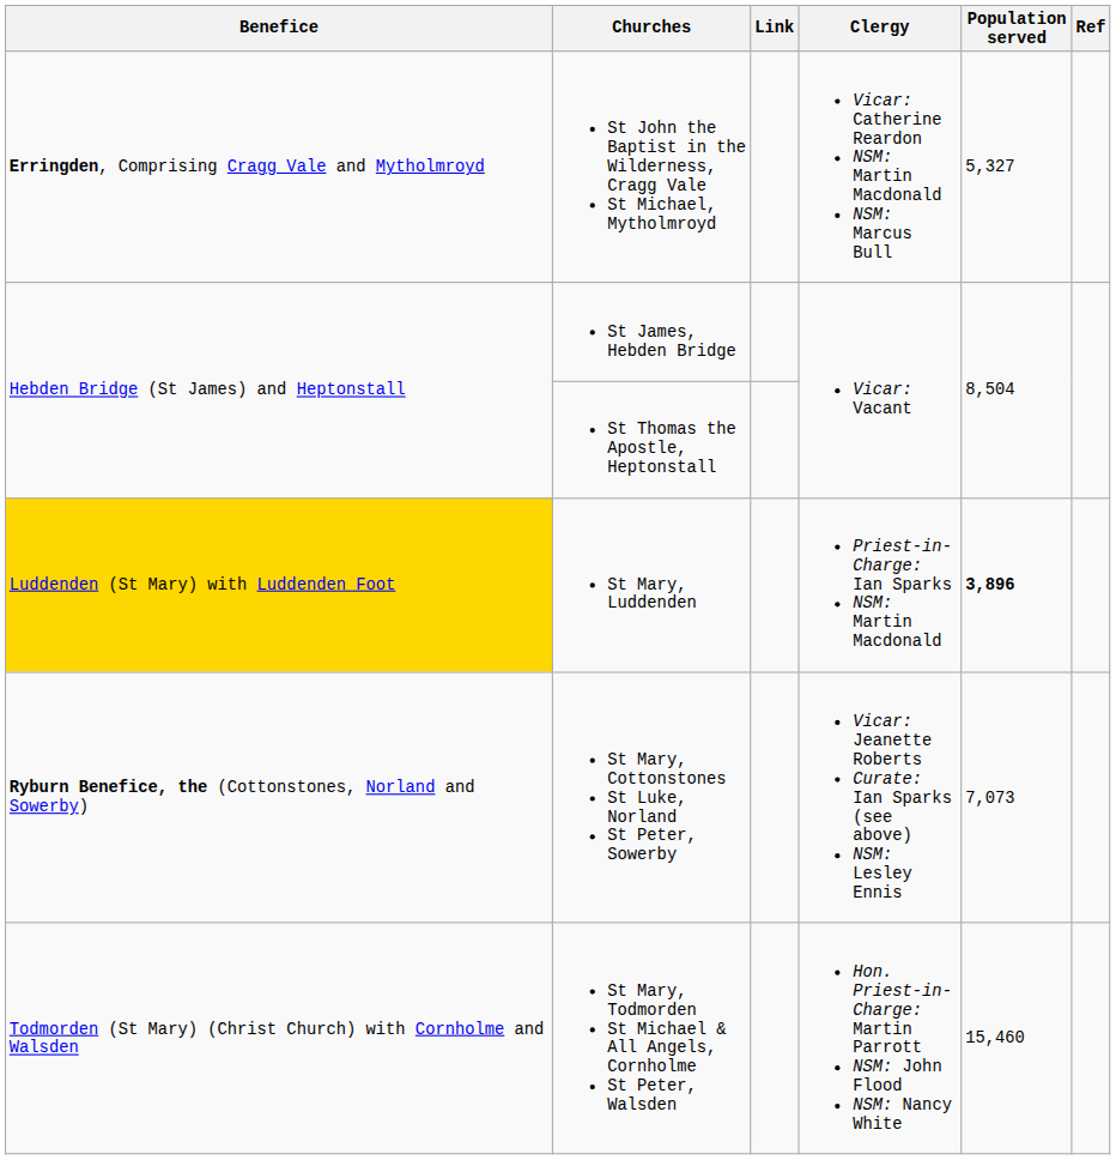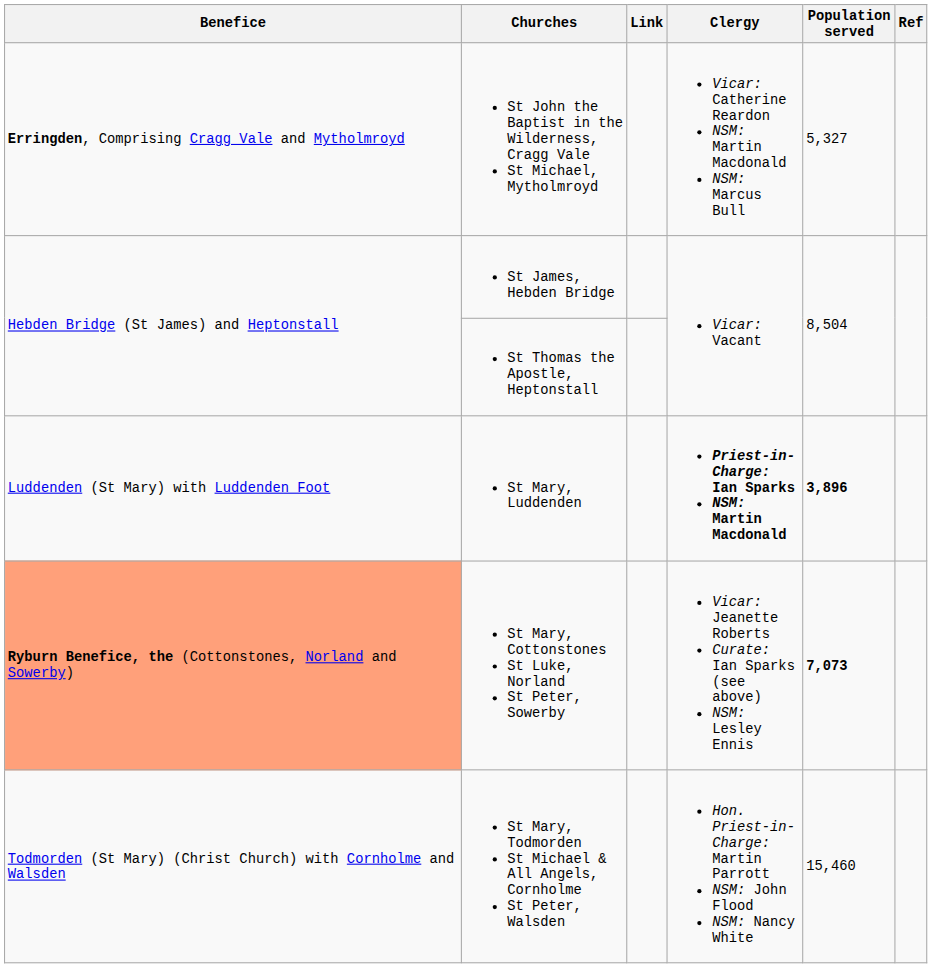 <table class="wikitable">
 <tr>
 <th style="width:425px;">Benefice</th>
 <th>Churches</th>
 <th>Link</th>
 <th>Clergy</th>
 <th>Population served</th>
 <th>Ref</th>
 </tr>
 <tr>
 <td><strong>Erringden</strong>, Comprising <a href='#'>Cragg Vale</a> and <a href='#'>Mytholmroyd</a></td>
 <td><br><ul><li>St John the Baptist in the Wilderness, Cragg Vale</li><li>St Michael, Mytholmroyd</li></ul></td>
 <td></td>
 <td><br><ul><li><em>Vicar:</em> Catherine Reardon</li><li><em>NSM:</em> Martin Macdonald</li><li><em>NSM:</em> Marcus Bull</li></ul></td>
 <td>5,327</td>
 <td></td>
 </tr>
 <tr>
 <td rowspan="2"><a href='#'>Hebden Bridge</a> (St James) and <a href='#'>Heptonstall</a></td>
 <td><br><ul><li>St James, Hebden Bridge</li></ul></td>
 <td></td>
 <td rowspan="2"><br><ul><li><em>Vicar:</em> Vacant</li></ul></td>
 <td rowspan="2">8,504</td>
 <td rowspan="2"></td>
 </tr>
 <tr>
 <td><br><ul><li>St Thomas the Apostle, Heptonstall</li></ul></td>
 <td></td>
 </tr>
 <tr>
-<td style="background: gold;"><a href='#'>Luddenden</a> (St Mary) with <a href='#'>Luddenden Foot</a></td>
+<td><a href='#'>Luddenden</a> (St Mary) with <a href='#'>Luddenden Foot</a></td>
 <td><br><ul><li>St Mary, Luddenden</li></ul></td>
 <td></td>
-<td><br><ul><li><em>Priest-in-Charge:</em> Ian Sparks</li><li><em>NSM:</em> Martin Macdonald</li></ul></td>
+<td><strong><br><ul><li><em>Priest-in-Charge:</em> Ian Sparks</li><li><em>NSM:</em> Martin Macdonald</li></ul></strong></td>
 <td><strong>3,896</strong></td>
 <td></td>
 </tr>
 <tr>
-<td><strong>Ryburn Benefice, the</strong> (Cottonstones, <a href='#'>Norland</a> and <a href='#'>Sowerby</a>)</td>
+<td style="background: lightsalmon;"><strong>Ryburn Benefice, the</strong> (Cottonstones, <a href='#'>Norland</a> and <a href='#'>Sowerby</a>)</td>
 <td><br><ul><li>St Mary, Cottonstones</li><li>St Luke, Norland</li><li>St Peter, Sowerby</li></ul></td>
 <td></td>
 <td><br><ul><li><em>Vicar:</em> Jeanette Roberts</li><li><em>Curate:</em> Ian Sparks (see above)</li><li><em>NSM:</em> Lesley Ennis</li></ul></td>
-<td>7,073</td>
+<td><strong>7,073</strong></td>
 <td></td>
 </tr>
 <tr>
 <td><a href='#'>Todmorden</a> (St Mary) (Christ Church) with <a href='#'>Cornholme</a> and <a href='#'>Walsden</a></td>
 <td><br><ul><li>St Mary, Todmorden</li><li>St Michael & All Angels, Cornholme</li><li>St Peter, Walsden</li></ul></td>
 <td></td>
 <td><br><ul><li><em>Hon. Priest-in-Charge:</em> Martin Parrott</li><li><em>NSM:</em> John Flood</li><li><em>NSM:</em> Nancy White</li></ul></td>
 <td>15,460</td>
 <td></td>
 </tr>
 </table>
